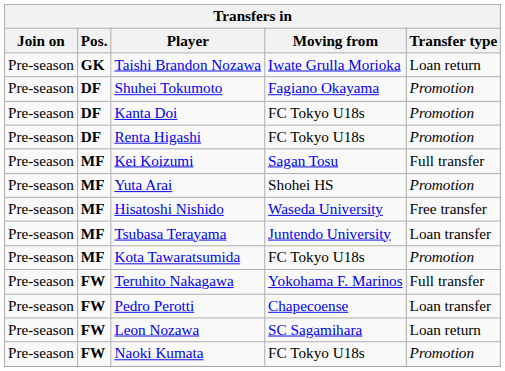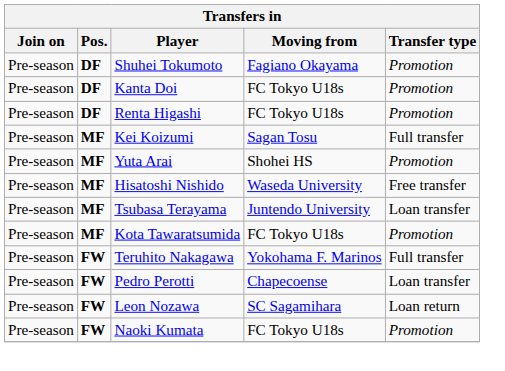 <table class="wikitable sortable" style=“text-align:left;>
 <tr>
 <th colspan="5">Transfers in</th>
 </tr>
 <tr>
 <th>Join on</th>
 <th>Pos.</th>
 <th>Player</th>
 <th>Moving from</th>
 <th>Transfer type</th>
-</tr>
-<tr>
-<td>Pre-season</td>
-<td><strong>GK</strong></td>
-<td> <a href='#'>Taishi Brandon Nozawa</a></td>
-<td> <a href='#'>Iwate Grulla Morioka</a></td>
-<td>Loan return</td>
 </tr>
 <tr>
 <td>Pre-season</td>
 <td><strong>DF</strong></td>
 <td> <a href='#'>Shuhei Tokumoto</a></td>
 <td> <a href='#'>Fagiano Okayama</a></td>
 <td><em>Promotion</em></td>
 </tr>
 <tr>
 <td>Pre-season</td>
 <td><strong>DF</strong></td>
 <td> <a href='#'>Kanta Doi</a></td>
 <td>FC Tokyo U18s</td>
 <td><em>Promotion</em></td>
 </tr>
 <tr>
 <td>Pre-season</td>
 <td><strong>DF</strong></td>
 <td> <a href='#'>Renta Higashi</a></td>
 <td>FC Tokyo U18s</td>
 <td><em>Promotion</em></td>
 </tr>
 <tr>
 <td>Pre-season</td>
 <td><strong>MF</strong></td>
 <td> <a href='#'>Kei Koizumi</a></td>
 <td> <a href='#'>Sagan Tosu</a></td>
 <td>Full transfer</td>
 </tr>
 <tr>
 <td>Pre-season</td>
 <td><strong>MF</strong></td>
 <td> <a href='#'>Yuta Arai</a></td>
 <td> Shohei HS</td>
 <td><em>Promotion</em></td>
 </tr>
 <tr>
 <td>Pre-season</td>
 <td><strong>MF</strong></td>
 <td> <a href='#'>Hisatoshi Nishido</a></td>
 <td> <a href='#'>Waseda University</a></td>
 <td>Free transfer</td>
 </tr>
 <tr>
 <td>Pre-season</td>
 <td><strong>MF</strong></td>
 <td> <a href='#'>Tsubasa Terayama</a></td>
 <td> <a href='#'>Juntendo University</a></td>
 <td>Loan transfer</td>
 </tr>
 <tr>
 <td>Pre-season</td>
 <td><strong>MF</strong></td>
 <td> <a href='#'>Kota Tawaratsumida</a></td>
 <td>FC Tokyo U18s</td>
 <td><em>Promotion</em></td>
 </tr>
 <tr>
 <td>Pre-season</td>
 <td><strong>FW</strong></td>
 <td> <a href='#'>Teruhito Nakagawa</a></td>
 <td> <a href='#'>Yokohama F. Marinos</a></td>
 <td>Full transfer</td>
 </tr>
 <tr>
 <td>Pre-season</td>
 <td><strong>FW</strong></td>
 <td> <a href='#'>Pedro Perotti</a></td>
 <td> <a href='#'>Chapecoense</a></td>
 <td>Loan transfer</td>
 </tr>
 <tr>
 <td>Pre-season</td>
 <td><strong>FW</strong></td>
 <td> <a href='#'>Leon Nozawa</a></td>
 <td> <a href='#'>SC Sagamihara</a></td>
 <td>Loan return</td>
 </tr>
 <tr>
 <td>Pre-season</td>
 <td><strong>FW</strong></td>
 <td> <a href='#'>Naoki Kumata</a></td>
 <td>FC Tokyo U18s</td>
 <td><em>Promotion</em></td>
 </tr>
 <tr>
 </tr>
 </table>
